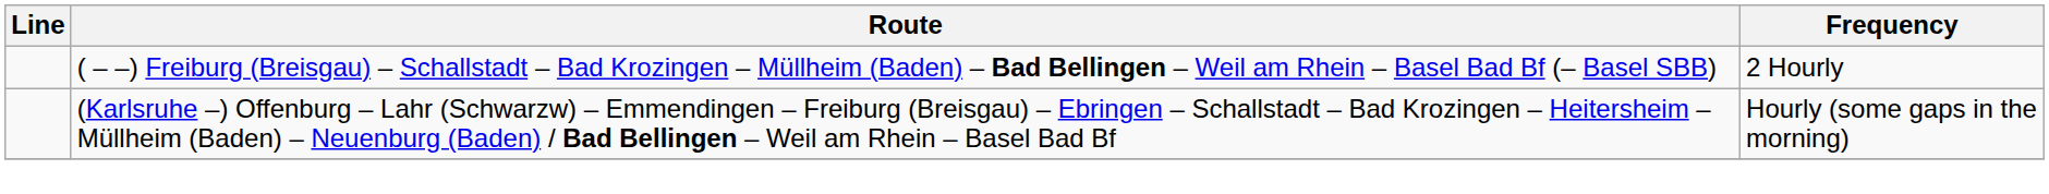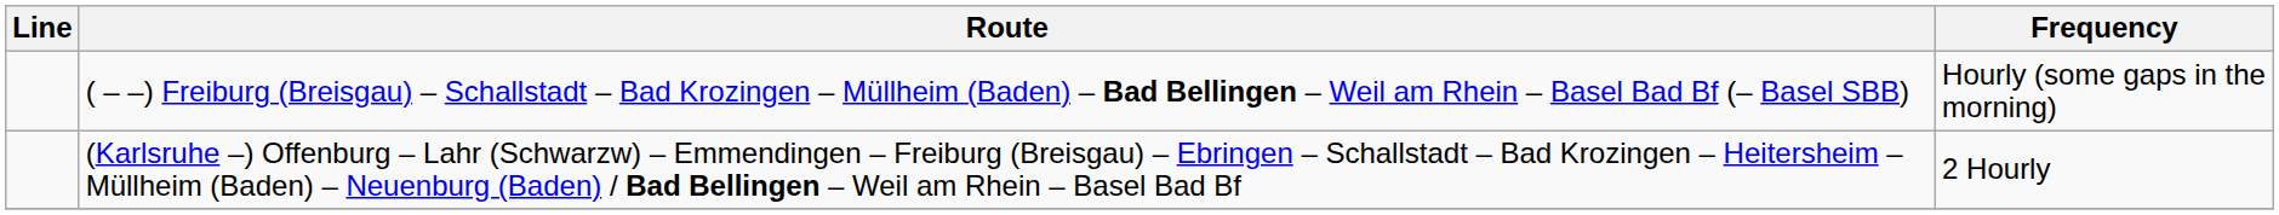 <table class="wikitable">
 <tr>
 <th>Line</th>
 <th>Route</th>
 <th>Frequency</th>
 </tr>
 <tr>
 <td></td>
 <td>( –  –) <a href='#'>Freiburg (Breisgau)</a> – <a href='#'>Schallstadt</a> – <a href='#'>Bad Krozingen</a> – <a href='#'>Müllheim (Baden)</a> – <strong>Bad Bellingen</strong> – <a href='#'>Weil am Rhein</a> – <a href='#'>Basel Bad Bf</a> (– <a href='#'>Basel SBB</a>)</td>
-<td>2 Hourly</td>
+<td>Hourly (some gaps in the morning)</td>
 </tr>
 <tr>
 <td></td>
 <td>(<a href='#'>Karlsruhe</a> –) Offenburg – Lahr (Schwarzw) – Emmendingen – Freiburg (Breisgau) – <a href='#'>Ebringen</a> – Schallstadt – Bad Krozingen – <a href='#'>Heitersheim</a> – Müllheim (Baden) – <a href='#'>Neuenburg (Baden)</a> / <strong>Bad Bellingen</strong> – Weil am Rhein – Basel Bad Bf</td>
-<td>Hourly (some gaps in the morning)</td>
+<td>2 Hourly</td>
 </tr>
 <tr>
 </tr>
 </table>
